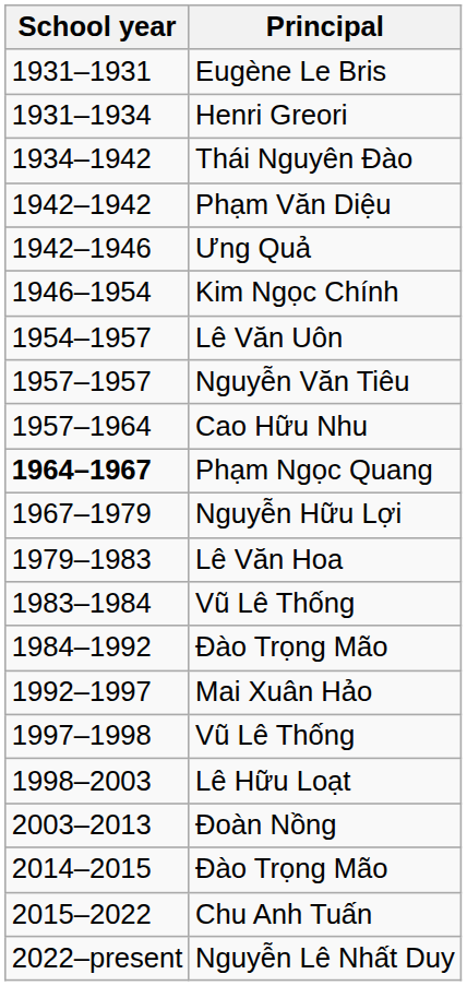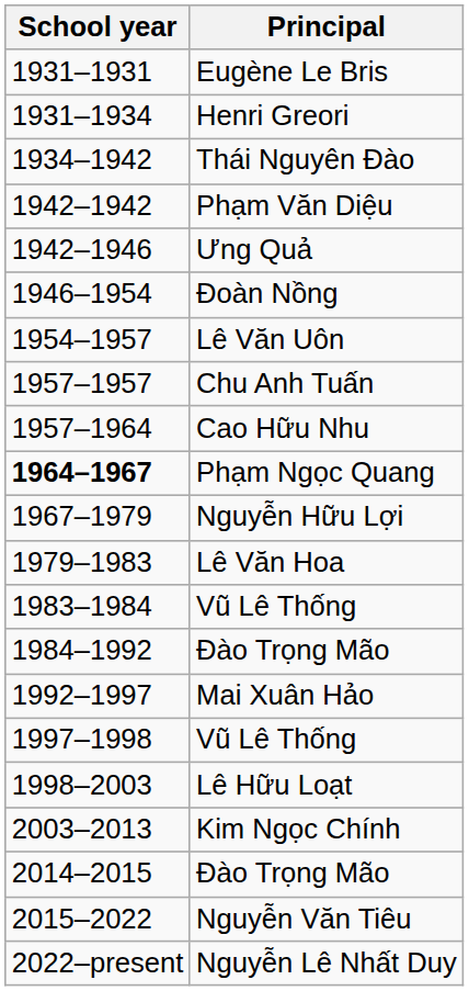 <table class=wikitable>
 <tr>
 <th>School year</th>
 <th>Principal</th>
 </tr>
 <tr>
 <td>1931–1931</td>
 <td>Eugène Le Bris</td>
 </tr>
 <tr>
 <td>1931–1934</td>
 <td>Henri Greori</td>
 </tr>
 <tr>
 <td>1934–1942</td>
 <td>Thái Nguyên Đào</td>
 </tr>
 <tr>
 <td>1942–1942</td>
 <td>Phạm Văn Diệu</td>
 </tr>
 <tr>
 <td>1942–1946</td>
 <td>Ưng Quả</td>
 </tr>
 <tr>
 <td>1946–1954</td>
-<td>Kim Ngọc Chính</td>
+<td>Đoàn Nồng</td>
 </tr>
 <tr>
 <td>1954–1957</td>
 <td>Lê Văn Uôn</td>
 </tr>
 <tr>
 <td>1957–1957</td>
-<td>Nguyễn Văn Tiêu</td>
+<td>Chu Anh Tuấn</td>
 </tr>
 <tr>
 <td>1957–1964</td>
 <td>Cao Hữu Nhu</td>
 </tr>
 <tr>
 <td><strong>1964–1967</strong></td>
 <td>Phạm Ngọc Quang</td>
 </tr>
 <tr>
 <td>1967–1979</td>
 <td>Nguyễn Hữu Lợi</td>
 </tr>
 <tr>
 <td>1979–1983</td>
 <td>Lê Văn Hoa</td>
 </tr>
 <tr>
 <td>1983–1984</td>
 <td>Vũ Lê Thống</td>
 </tr>
 <tr>
 <td>1984–1992</td>
 <td>Đào Trọng Mão</td>
 </tr>
 <tr>
 <td>1992–1997</td>
 <td>Mai Xuân Hảo</td>
 </tr>
 <tr>
 <td>1997–1998</td>
 <td>Vũ Lê Thống</td>
 </tr>
 <tr>
 <td>1998–2003</td>
 <td>Lê Hữu Loạt</td>
 </tr>
 <tr>
 <td>2003–2013</td>
-<td>Đoàn Nồng</td>
+<td>Kim Ngọc Chính</td>
 </tr>
 <tr>
 <td>2014–2015</td>
 <td>Đào Trọng Mão</td>
 </tr>
 <tr>
 <td>2015–2022</td>
-<td>Chu Anh Tuấn</td>
+<td>Nguyễn Văn Tiêu</td>
 </tr>
 <tr>
 <td>2022–present</td>
 <td>Nguyễn Lê Nhất Duy</td>
 </tr>
 </table>
